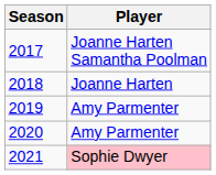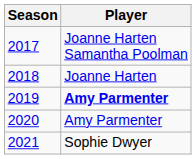 <table class="wikitable collapsible">
 <tr>
 <th>Season</th>
 <th>Player</th>
 </tr>
 <tr>
 <td><a href='#'>2017</a></td>
 <td><a href='#'>Joanne Harten</a><br><a href='#'>Samantha Poolman</a></td>
 </tr>
 <tr>
 <td><a href='#'>2018</a></td>
 <td><a href='#'>Joanne Harten</a></td>
 </tr>
 <tr>
 <td><a href='#'>2019</a></td>
-<td><a href='#'>Amy Parmenter</a></td>
+<td><strong><a href='#'>Amy Parmenter</a></strong></td>
 </tr>
 <tr>
 <td><a href='#'>2020</a></td>
 <td><a href='#'>Amy Parmenter</a></td>
 </tr>
 <tr>
 <td><a href='#'>2021</a></td>
-<td style="background: pink;">Sophie Dwyer</td>
+<td>Sophie Dwyer</td>
 </tr>
 </table>
